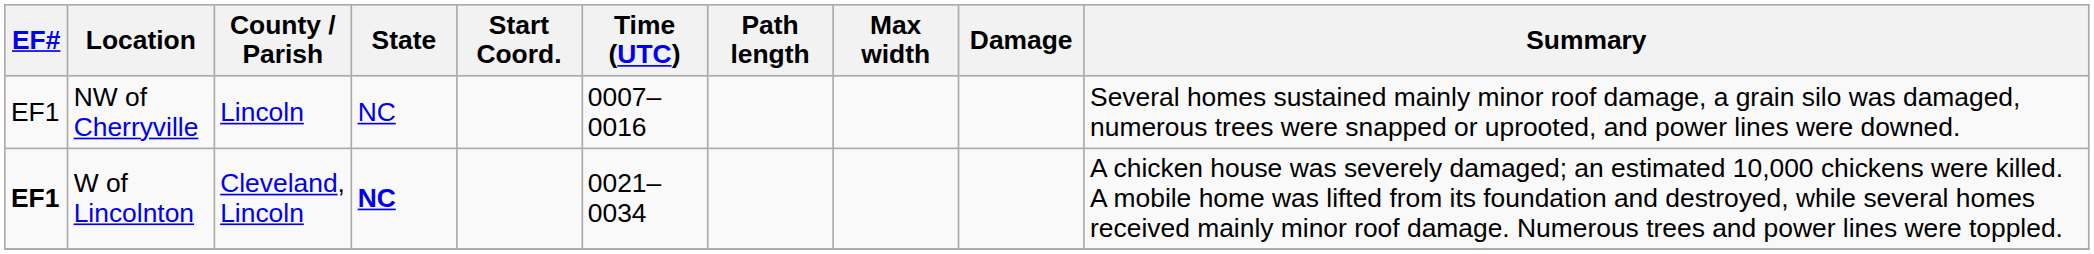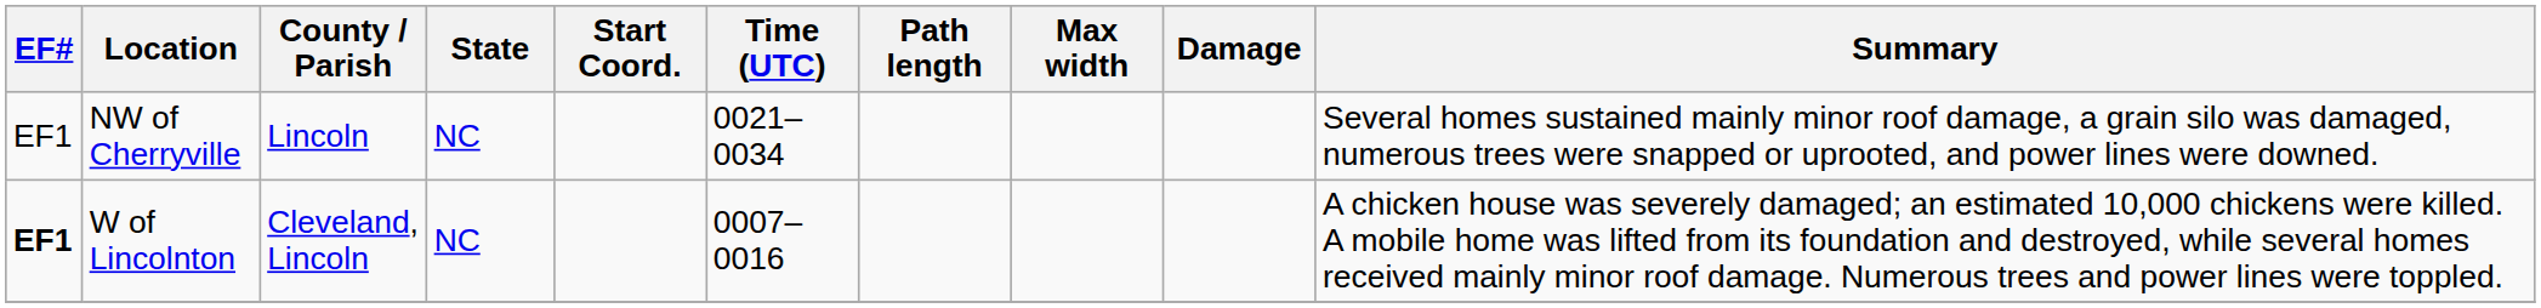 <table class="wikitable sortable" style="width:100%;">
 <tr>
 <th scope="col" width="3%" align="center"><a href='#'>EF#</a></th>
 <th scope="col" width="7%" align="center" class="unsortable">Location</th>
 <th scope="col" width="6%" align="center" class="unsortable">County / Parish</th>
 <th scope="col" width="5%" align="center">State</th>
 <th scope="col" width="6%" align="center">Start Coord.</th>
 <th scope="col" width="6%" align="center">Time (<a href='#'>UTC</a>)</th>
 <th scope="col" width="6%" align="center">Path length</th>
 <th scope="col" width="6%" align="center">Max width</th>
 <th scope="col" width="6%" align="center">Damage</th>
 <th scope="col" width="48%" class="unsortable" align="center">Summary</th>
 </tr>
 <tr>
 <td>EF1</td>
 <td>NW of <a href='#'>Cherryville</a></td>
 <td><a href='#'>Lincoln</a></td>
 <td><a href='#'>NC</a></td>
 <td></td>
-<td>0007–0016</td>
+<td>0021–0034</td>
 <td></td>
 <td></td>
 <td></td>
 <td>Several homes sustained mainly minor roof damage, a grain silo was damaged, numerous trees were snapped or uprooted, and power lines were downed.</td>
 </tr>
 <tr>
 <td><strong>EF1</strong></td>
 <td>W of <a href='#'>Lincolnton</a></td>
 <td><a href='#'>Cleveland</a>, <a href='#'>Lincoln</a></td>
-<td><strong><a href='#'>NC</a></strong></td>
+<td><a href='#'>NC</a></td>
 <td></td>
-<td>0021–0034</td>
+<td>0007–0016</td>
 <td></td>
 <td></td>
 <td></td>
 <td>A chicken house was severely damaged; an estimated 10,000 chickens were killed. A mobile home was lifted from its foundation and destroyed, while several homes received mainly minor roof damage. Numerous trees and power lines were toppled.</td>
 </tr>
 <tr>
 </tr>
 </table>
